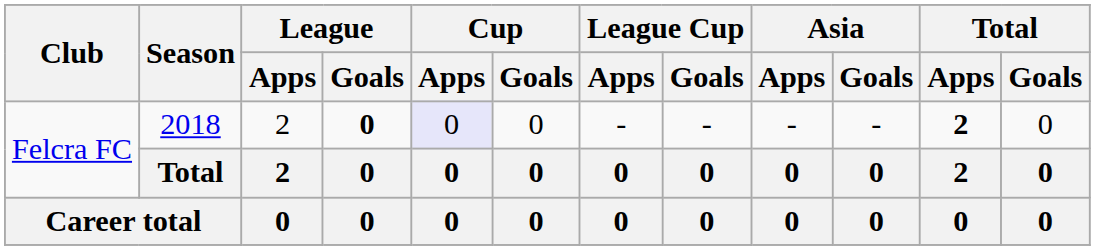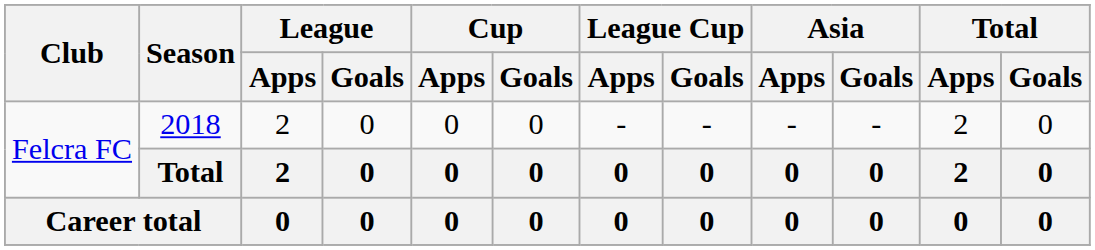 <table class="wikitable" style="text-align: center;">
 <tr>
 <th rowspan="2">Club</th>
 <th rowspan="2">Season</th>
 <th colspan="2">League</th>
 <th colspan="2">Cup</th>
 <th colspan="2">League Cup</th>
 <th colspan="2">Asia</th>
 <th colspan="2">Total</th>
 </tr>
 <tr>
 <th>Apps</th>
 <th>Goals</th>
 <th>Apps</th>
 <th>Goals</th>
 <th>Apps</th>
 <th>Goals</th>
 <th>Apps</th>
 <th>Goals</th>
 <th>Apps</th>
 <th>Goals</th>
 </tr>
 <tr>
 <td rowspan="2" valign="center"><a href='#'>Felcra FC</a></td>
 <td><a href='#'>2018</a></td>
 <td>2</td>
-<td><strong>0</strong></td>
-<td style="background: lavender;">0</td>
+<td>0</td>
+<td>0</td>
 <td>0</td>
 <td>-</td>
 <td>-</td>
 <td>-</td>
 <td>-</td>
-<td><strong>2</strong></td>
+<td>2</td>
 <td>0</td>
 </tr>
 <tr>
 <th>Total</th>
 <th>2</th>
 <th>0</th>
 <th>0</th>
 <th>0</th>
 <th>0</th>
 <th>0</th>
 <th>0</th>
 <th>0</th>
 <th>2</th>
 <th>0</th>
 </tr>
 <tr>
 <th colspan="2">Career total</th>
 <th>0</th>
 <th>0</th>
 <th>0</th>
 <th>0</th>
 <th>0</th>
 <th>0</th>
 <th>0</th>
 <th>0</th>
 <th>0</th>
 <th>0</th>
 </tr>
 </table>
